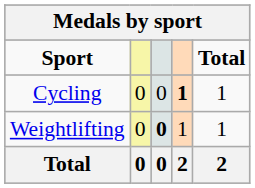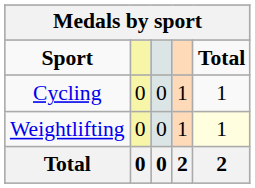 <table class="wikitable" style="font-size:85%; float:right">
 <tr bgcolor=#efefef>
 <th colspan=7>Medals by sport</th>
 </tr>
 <tr align=center>
 <td><strong>Sport</strong></td>
 <td bgcolor=#f7f6a8></td>
 <td bgcolor=#dce5e5></td>
 <td bgcolor=#ffdab9></td>
 <td><strong>Total</strong></td>
 </tr>
 <tr align=center>
 <td><a href='#'>Cycling</a></td>
 <td bgcolor=#f7f6a8>0</td>
 <td bgcolor=#dce5e5>0</td>
-<td bgcolor=#ffdab9><strong>1</strong></td>
+<td bgcolor=#ffdab9>1</td>
 <td>1</td>
 </tr>
 <tr align=center>
 <td><a href='#'>Weightlifting</a></td>
 <td bgcolor=#f7f6a8>0</td>
-<td bgcolor=#dce5e5><strong>0</strong></td>
+<td bgcolor=#dce5e5>0</td>
 <td bgcolor=#ffdab9>1</td>
-<td>1</td>
+<td style="background: lightyellow;">1</td>
 </tr>
 <tr align=center>
 <th>Total</th>
 <th bgcolor=gold>0</th>
 <th bgcolor=silver>0</th>
 <th bgcolor=#c96>2</th>
 <th>2</th>
 </tr>
 </table>
